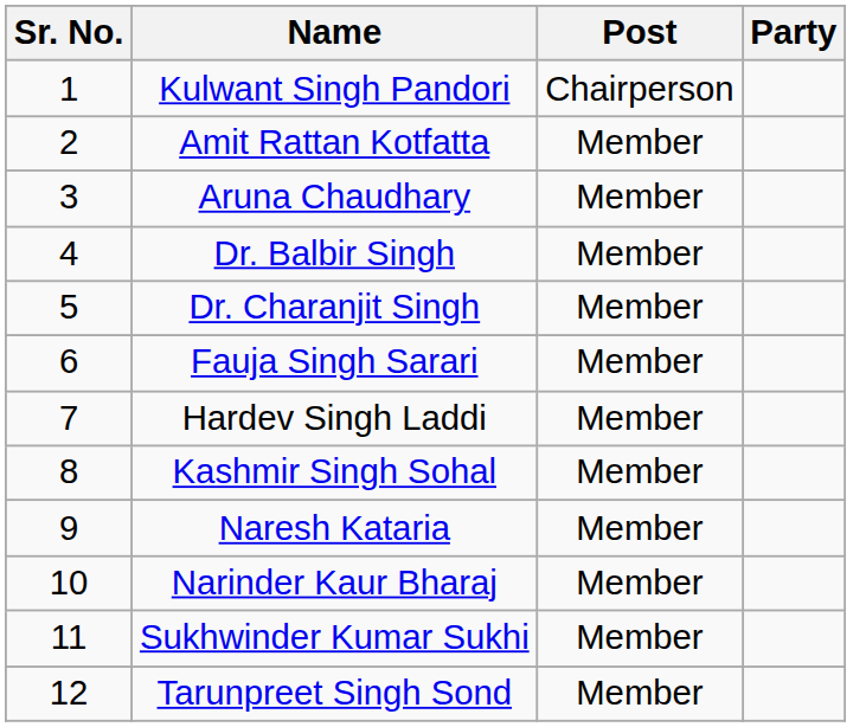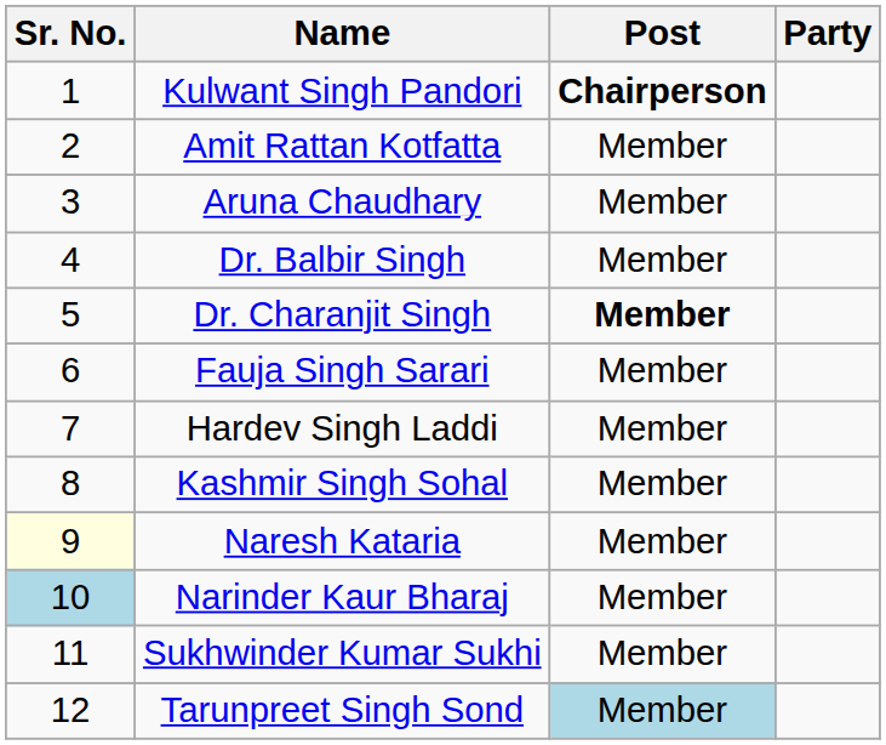 <table class="wikitable sortable">
 <tr>
 <th>Sr. No.</th>
 <th>Name</th>
 <th>Post</th>
 <th colspan="2">Party</th>
 </tr>
 <tr align="center">
 <td>1</td>
 <td><a href='#'>Kulwant Singh Pandori</a></td>
-<td>Chairperson</td>
+<td><strong>Chairperson</strong></td>
 <td></td>
 </tr>
 <tr align="center">
 <td>2</td>
 <td><a href='#'>Amit Rattan Kotfatta</a></td>
 <td>Member</td>
 <td></td>
 </tr>
 <tr align="center">
 <td>3</td>
 <td><a href='#'>Aruna Chaudhary</a></td>
 <td>Member</td>
 <td></td>
 </tr>
 <tr align="center">
 <td>4</td>
 <td><a href='#'>Dr. Balbir Singh</a></td>
 <td>Member</td>
 <td></td>
 </tr>
 <tr align="center">
 <td>5</td>
 <td><a href='#'>Dr. Charanjit Singh</a></td>
-<td>Member</td>
+<td><strong>Member</strong></td>
 <td></td>
 </tr>
 <tr align="center">
 <td>6</td>
 <td><a href='#'>Fauja Singh Sarari</a></td>
 <td>Member</td>
 <td></td>
 </tr>
 <tr align="center">
 <td>7</td>
 <td>Hardev Singh Laddi</td>
 <td>Member</td>
 <td></td>
 </tr>
 <tr align="center">
 <td>8</td>
 <td><a href='#'>Kashmir Singh Sohal</a></td>
 <td>Member</td>
 <td></td>
 </tr>
 <tr align="center">
-<td>9</td>
+<td style="background: lightyellow;">9</td>
 <td><a href='#'>Naresh Kataria</a></td>
 <td>Member</td>
 <td></td>
 </tr>
 <tr align="center">
-<td>10</td>
+<td style="background: lightblue;">10</td>
 <td><a href='#'>Narinder Kaur Bharaj</a></td>
 <td>Member</td>
 <td></td>
 </tr>
 <tr align="center">
 <td>11</td>
 <td><a href='#'>Sukhwinder Kumar Sukhi</a></td>
 <td>Member</td>
 <td></td>
 </tr>
 <tr align="center">
 <td>12</td>
 <td><a href='#'>Tarunpreet Singh Sond</a></td>
-<td>Member</td>
+<td style="background: lightblue;">Member</td>
 <td></td>
 </tr>
 </table>
